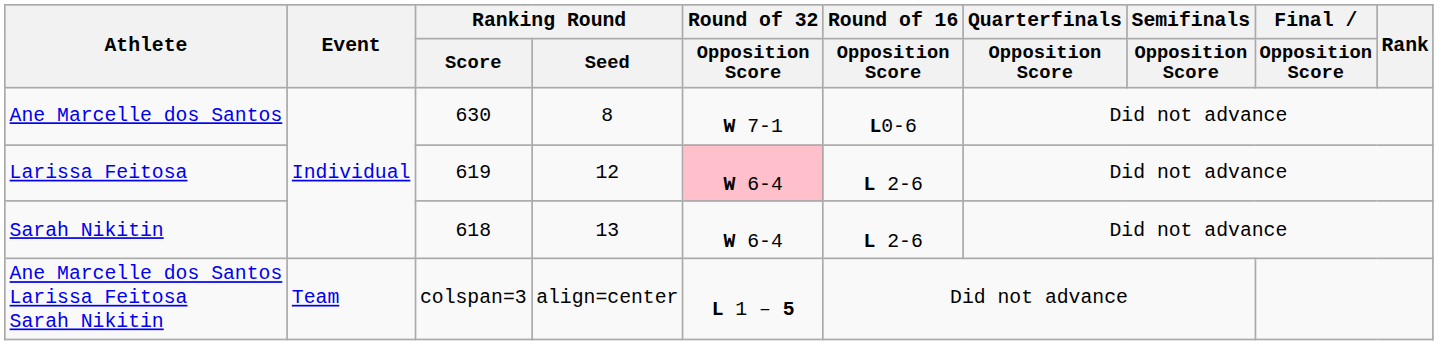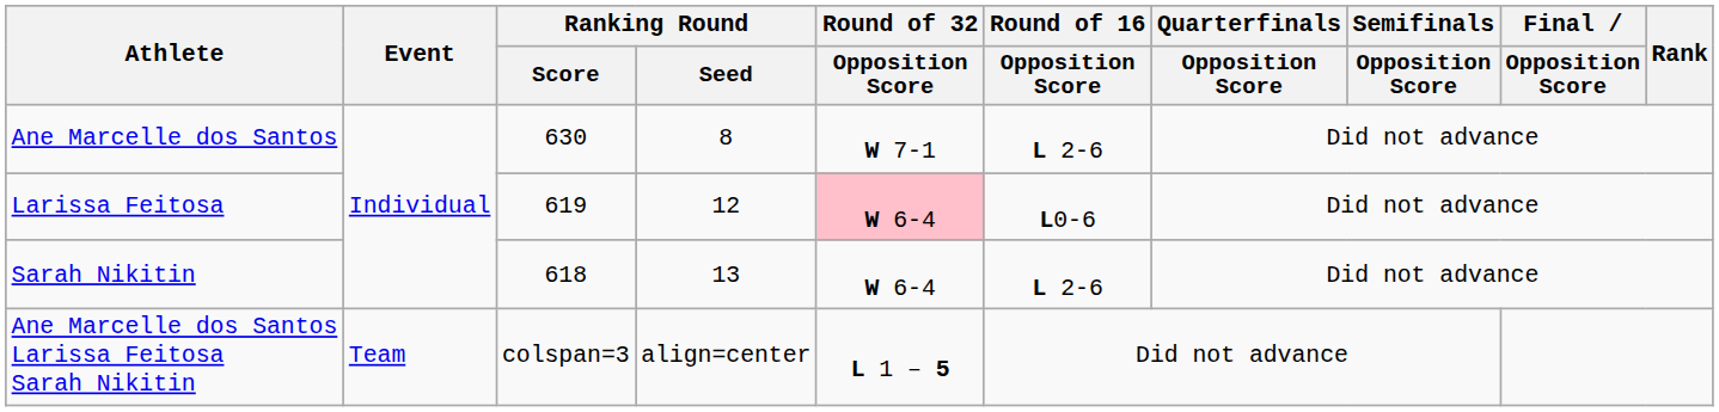 <table class="wikitable" style="font-size:90%">
 <tr>
 <th rowspan="2">Athlete</th>
 <th rowspan="2">Event</th>
 <th colspan="2">Ranking Round</th>
 <th>Round of 32</th>
 <th>Round of 16</th>
 <th>Quarterfinals</th>
 <th>Semifinals</th>
 <th>Final / </th>
 <th rowspan="2">Rank</th>
 </tr>
 <tr style="font-size:95%">
 <th>Score</th>
 <th>Seed</th>
 <th>Opposition<br>Score</th>
 <th>Opposition<br>Score</th>
 <th>Opposition<br>Score</th>
 <th>Opposition<br>Score</th>
 <th>Opposition<br>Score</th>
 </tr>
 <tr align=center>
 <td align=left><a href='#'>Ane Marcelle dos Santos</a></td>
 <td align=left rowspan=3><a href='#'>Individual</a></td>
 <td>630</td>
 <td>8</td>
 <td> <br> <strong>W</strong> 7-1</td>
-<td><br> <strong>L</strong>0-6</td>
+<td> <br> <strong>L</strong> 2-6</td>
 <td align=center colspan=4>Did not advance</td>
 </tr>
 <tr align=center>
 <td align=left><a href='#'>Larissa Feitosa</a></td>
 <td>619</td>
 <td>12</td>
 <td style="background: pink;"><br><strong>W</strong> 6-4</td>
-<td> <br> <strong>L</strong> 2-6</td>
+<td><br> <strong>L</strong>0-6</td>
 <td align=center colspan=4>Did not advance</td>
 </tr>
 <tr align=center>
 <td align=left><a href='#'>Sarah Nikitin</a></td>
 <td>618</td>
 <td>13</td>
 <td><br><strong>W</strong> 6-4</td>
 <td><br><strong>L</strong> 2-6</td>
 <td align=center colspan=4>Did not advance</td>
 </tr>
 <tr align=center>
 <td align=left><a href='#'>Ane Marcelle dos Santos</a><br><a href='#'>Larissa Feitosa</a><br><a href='#'>Sarah Nikitin</a></td>
 <td align=left><a href='#'>Team</a></td>
 <td>colspan=3 </td>
 <td>align=center </td>
 <td><br><strong>L</strong> 1 – <strong>5</strong></td>
 <td align=center colspan=3>Did not advance</td>
 </tr>
 </table>
